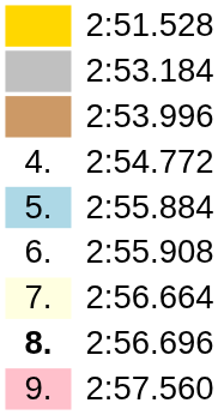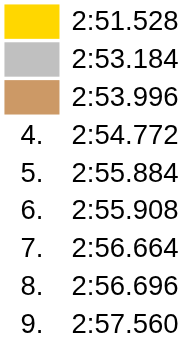 <table style="text-align:center">
 <tr>
 <td width=30 bgcolor=gold></td>
 <td align=left></td>
 <td width=60>2:51.528</td>
 </tr>
 <tr>
 <td bgcolor=silver></td>
 <td align=left></td>
 <td>2:53.184</td>
 </tr>
 <tr>
 <td bgcolor=cc9966></td>
 <td align=left></td>
 <td>2:53.996</td>
 </tr>
 <tr>
 <td>4.</td>
 <td align=left></td>
 <td>2:54.772</td>
 </tr>
 <tr>
-<td style="background: lightblue;">5.</td>
+<td>5.</td>
 <td align=left></td>
 <td>2:55.884</td>
 </tr>
 <tr>
 <td>6.</td>
 <td align=left></td>
 <td>2:55.908</td>
 </tr>
 <tr>
-<td style="background: lightyellow;">7.</td>
+<td>7.</td>
 <td align=left></td>
 <td>2:56.664</td>
 </tr>
 <tr>
-<td><strong>8.</strong></td>
+<td>8.</td>
 <td align=left></td>
 <td>2:56.696</td>
 </tr>
 <tr>
-<td style="background: pink;">9.</td>
+<td>9.</td>
 <td align=left></td>
 <td>2:57.560</td>
 </tr>
 </table>
